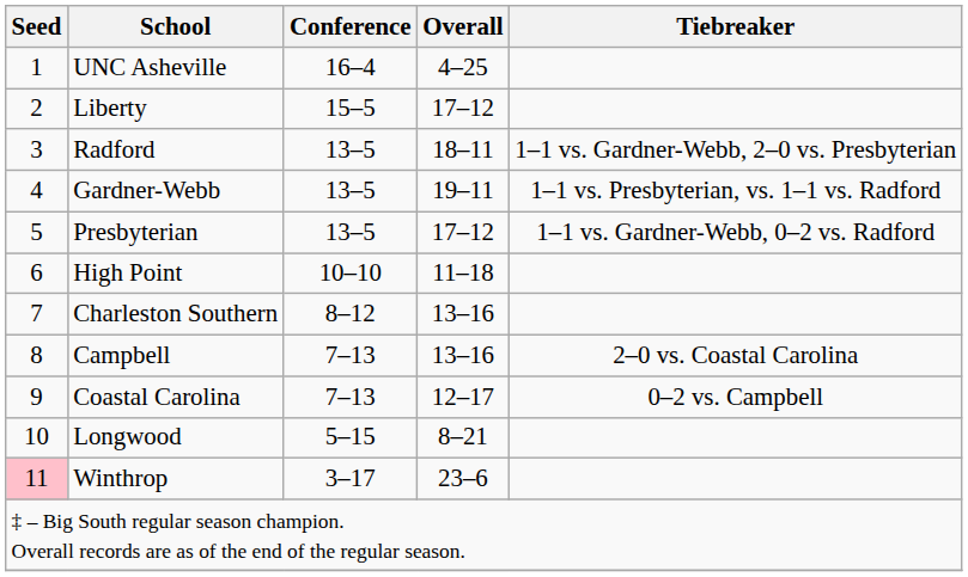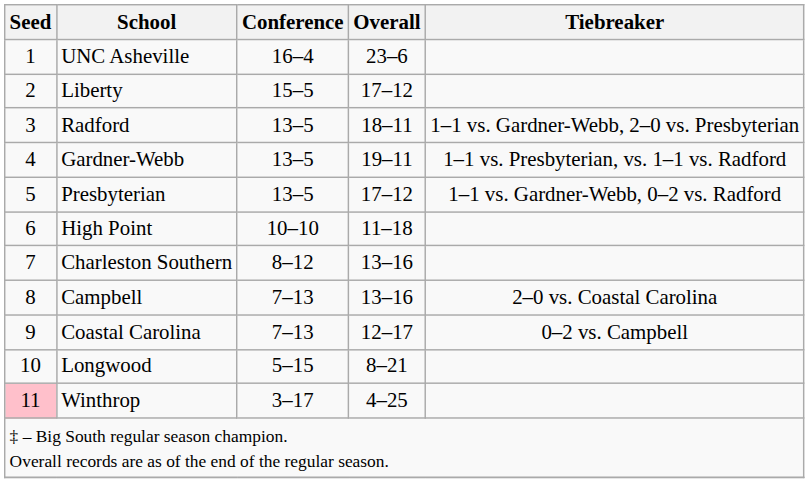 <table class="wikitable" style="white-space:nowrap; font-size:90%;text-align:center">
 <tr>
 <th>Seed</th>
 <th>School</th>
 <th>Conference</th>
 <th>Overall</th>
 <th>Tiebreaker</th>
 </tr>
 <tr>
 <td>1</td>
 <td align=left>UNC Asheville</td>
 <td>16–4</td>
-<td>4–25</td>
+<td>23–6</td>
 <td></td>
 </tr>
 <tr>
 <td>2</td>
 <td align=left>Liberty</td>
 <td>15–5</td>
 <td>17–12</td>
 <td></td>
 </tr>
 <tr>
 <td>3</td>
 <td align=left>Radford</td>
 <td>13–5</td>
 <td>18–11</td>
 <td>1–1 vs. Gardner-Webb, 2–0 vs. Presbyterian</td>
 </tr>
 <tr>
 <td>4</td>
 <td align=left>Gardner-Webb</td>
 <td>13–5</td>
 <td>19–11</td>
 <td>1–1 vs. Presbyterian, vs. 1–1 vs. Radford</td>
 </tr>
 <tr>
 <td>5</td>
 <td align=left>Presbyterian</td>
 <td>13–5</td>
 <td>17–12</td>
 <td>1–1 vs. Gardner-Webb, 0–2 vs. Radford</td>
 </tr>
 <tr>
 <td>6</td>
 <td align=left>High Point</td>
 <td>10–10</td>
 <td>11–18</td>
 <td></td>
 </tr>
 <tr>
 <td>7</td>
 <td align=left>Charleston Southern</td>
 <td>8–12</td>
 <td>13–16</td>
 <td></td>
 </tr>
 <tr>
 <td>8</td>
 <td align=left>Campbell</td>
 <td>7–13</td>
 <td>13–16</td>
 <td>2–0 vs. Coastal Carolina</td>
 </tr>
 <tr>
 <td>9</td>
 <td align=left>Coastal Carolina</td>
 <td>7–13</td>
 <td>12–17</td>
 <td>0–2 vs. Campbell</td>
 </tr>
 <tr>
 <td>10</td>
 <td align=left>Longwood</td>
 <td>5–15</td>
 <td>8–21</td>
 <td></td>
 </tr>
 <tr>
 <td style="background: pink;">11</td>
 <td align=left>Winthrop</td>
 <td>3–17</td>
-<td>23–6</td>
+<td>4–25</td>
 <td></td>
 </tr>
 <tr>
 <td colspan="5" align=left><small>‡ – Big South regular season champion.<br>Overall records are as of the end of the regular season.</small></td>
 </tr>
 <tr>
 </tr>
 </table>
